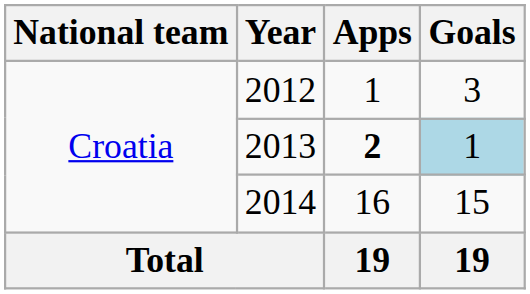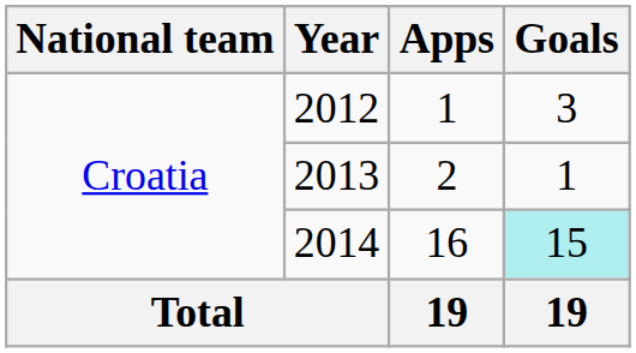 <table class="wikitable" style="text-align:center">
 <tr>
 <th>National team</th>
 <th>Year</th>
 <th>Apps</th>
 <th>Goals</th>
 </tr>
 <tr>
 <td rowspan="3"> <a href='#'>Croatia</a></td>
 <td>2012</td>
 <td>1</td>
 <td>3</td>
 </tr>
 <tr>
 <td>2013</td>
-<td><strong>2</strong></td>
-<td style="background: lightblue;">1</td>
+<td>2</td>
+<td>1</td>
 </tr>
 <tr>
 <td>2014</td>
 <td>16</td>
-<td>15</td>
+<td style="background: paleturquoise;">15</td>
 </tr>
 <tr>
 <th colspan=2>Total</th>
 <th>19</th>
 <th>19</th>
 </tr>
 </table>
